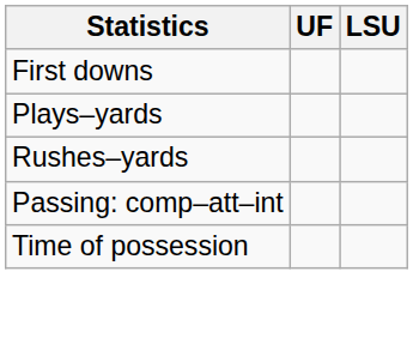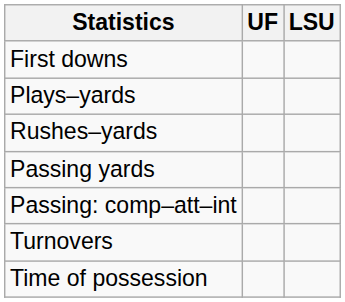 <table class="wikitable" style="float:left">
 <tr>
 <th>Statistics</th>
 <th>UF</th>
 <th>LSU</th>
 </tr>
 <tr>
 <td>First downs</td>
 <td></td>
 <td></td>
 </tr>
 <tr>
 <td>Plays–yards</td>
 <td></td>
 <td></td>
 </tr>
 <tr>
 <td>Rushes–yards</td>
 <td></td>
 <td></td>
 </tr>
 <tr>
+<td>Passing yards</td>
+<td></td>
+<td></td>
+</tr>
+<tr>
 <td>Passing: comp–att–int</td>
+<td></td>
+<td></td>
+</tr>
+<tr>
+<td>Turnovers</td>
 <td></td>
 <td></td>
 </tr>
 <tr>
 <td>Time of possession</td>
 <td></td>
 <td></td>
 </tr>
 </table>
